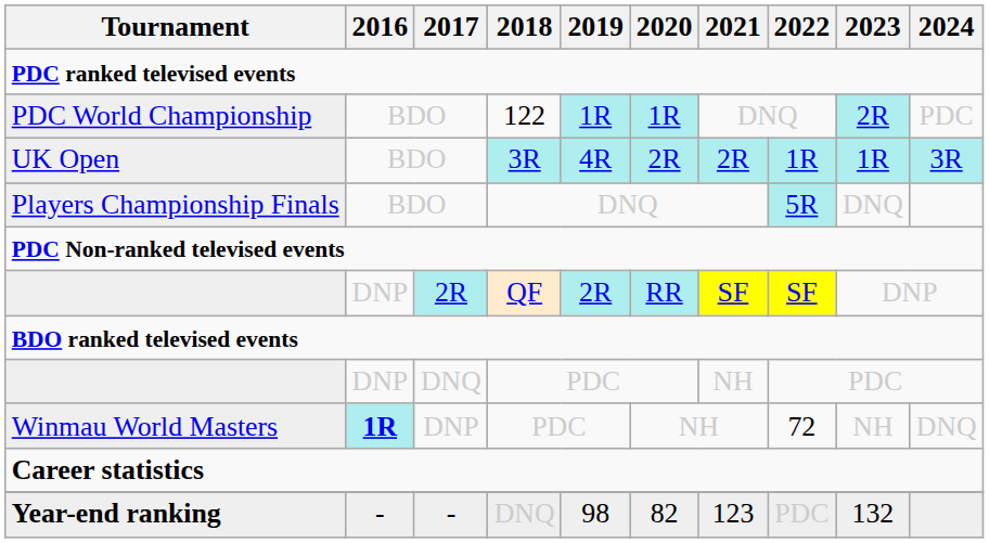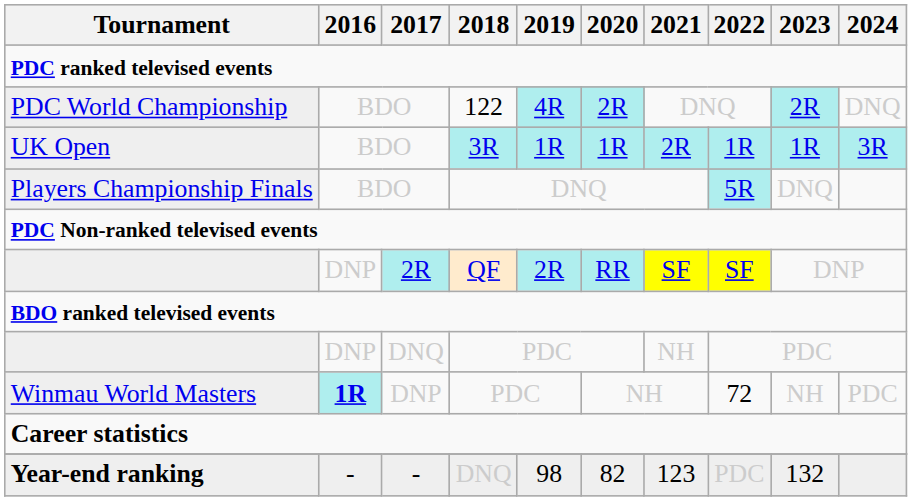 <table class="wikitable">
 <tr>
 <th>Tournament</th>
 <th>2016</th>
 <th>2017</th>
 <th>2018</th>
 <th>2019</th>
 <th>2020</th>
 <th>2021</th>
 <th>2022</th>
 <th>2023</th>
 <th>2024</th>
 </tr>
 <tr>
 <td colspan="15" align="left"><small><strong><a href='#'>PDC</a> ranked televised events</strong></small></td>
 </tr>
 <tr>
 <td style="background:#efefef;"><a href='#'>PDC World Championship</a></td>
 <td colspan="2" style="text-align:center; color:#ccc;">BDO</td>
 <td style="text-align:center;">122</td>
-<td style="text-align:center; background:#afeeee;"><a href='#'>1R</a></td>
-<td style="text-align:center; background:#afeeee;"><a href='#'>1R</a></td>
+<td style="text-align:center; background:#afeeee;"><a href='#'>4R</a></td>
+<td style="text-align:center; background:#afeeee;"><a href='#'>2R</a></td>
 <td colspan="2" style="text-align:center; color:#ccc;">DNQ</td>
 <td style="text-align:center; background:#afeeee;"><a href='#'>2R</a></td>
-<td style="text-align:center; color:#ccc;">PDC</td>
+<td colspan="1" style="text-align:center; color:#ccc;">DNQ</td>
 </tr>
 <tr>
 <td style="background:#efefef;"><a href='#'>UK Open</a></td>
 <td colspan="2" style="text-align:center; color:#ccc;">BDO</td>
 <td style="text-align:center; background:#afeeee;"><a href='#'>3R</a></td>
-<td style="text-align:center; background:#afeeee;"><a href='#'>4R</a></td>
-<td style="text-align:center; background:#afeeee;"><a href='#'>2R</a></td>
+<td style="text-align:center; background:#afeeee;"><a href='#'>1R</a></td>
+<td style="text-align:center; background:#afeeee;"><a href='#'>1R</a></td>
 <td style="text-align:center; background:#afeeee;"><a href='#'>2R</a></td>
 <td style="text-align:center; background:#afeeee;"><a href='#'>1R</a></td>
 <td style="text-align:center; background:#afeeee;"><a href='#'>1R</a></td>
 <td style="text-align:center; background:#afeeee;"><a href='#'>3R</a></td>
 </tr>
 <tr>
 <td style="background:#efefef;"><a href='#'>Players Championship Finals</a></td>
 <td colspan="2" style="text-align:center; color:#ccc;">BDO</td>
 <td colspan="4" style="text-align:center; color:#ccc;">DNQ</td>
 <td style="text-align:center; background:#afeeee;"><a href='#'>5R</a></td>
 <td style="text-align:center; color:#ccc;">DNQ</td>
 <td></td>
 </tr>
 <tr>
 <td colspan="10" align="left"><small><strong><a href='#'>PDC</a> Non-ranked televised events</strong></small></td>
 </tr>
 <tr>
 <td style="background:#efefef;"></td>
 <td style="text-align:center; color:#ccc;">DNP</td>
 <td style="text-align:center; background:#afeeee;"><a href='#'>2R</a></td>
 <td style="text-align:center; background:#ffebcd;"><a href='#'>QF</a></td>
 <td style="text-align:center; background:#afeeee;"><a href='#'>2R</a></td>
 <td style="text-align:center; background:#afeeee;"><a href='#'>RR</a></td>
 <td style="text-align:center; background:yellow;"><a href='#'>SF</a></td>
 <td style="text-align:center; background:yellow;"><a href='#'>SF</a></td>
 <td colspan="2" style="text-align:center; color:#ccc;">DNP</td>
 </tr>
 <tr>
 <td colspan="15" align="left"><small><strong><a href='#'>BDO</a> ranked televised events</strong></small></td>
 </tr>
 <tr>
 <td style="background:#efefef;"></td>
 <td colspan="1" style="text-align:center; color:#ccc;">DNP</td>
 <td colspan="1" style="text-align:center; color:#ccc;">DNQ</td>
 <td colspan="3" style="text-align:center; color:#ccc;">PDC</td>
 <td colspan="1" style="text-align:center; color:#ccc;">NH</td>
 <td colspan="3" style="text-align:center; color:#ccc;">PDC</td>
 </tr>
 <tr>
 <td style="background:#efefef;"><a href='#'>Winmau World Masters</a></td>
 <td style="text-align:center; background:#afeeee;"><strong><a href='#'>1R</a></strong></td>
 <td colspan="1" style="text-align:center; color:#ccc;">DNP</td>
 <td colspan="2" style="text-align:center; color:#ccc;">PDC</td>
 <td colspan="2" style="text-align:center; color:#ccc;">NH</td>
 <td style="text-align:center;">72</td>
 <td style="text-align:center; color:#ccc;">NH</td>
-<td colspan="1" style="text-align:center; color:#ccc;">DNQ</td>
+<td style="text-align:center; color:#ccc;">PDC</td>
 </tr>
 <tr>
 <td colspan="15" align="left"><strong>Career statistics</strong></td>
 </tr>
 <tr>
 </tr>
 <tr bgcolor="efefef">
 <td align="left"><strong>Year-end ranking</strong></td>
 <td style="text-align:center;">-</td>
 <td style="text-align:center;">-</td>
 <td colspan="1" style="text-align:center; color:#ccc;">DNQ</td>
 <td style="text-align:center;">98</td>
 <td style="text-align:center;">82</td>
 <td style="text-align:center;">123</td>
 <td style="text-align:center; color:#ccc;">PDC</td>
 <td style="text-align:center;">132</td>
 <td></td>
 </tr>
 </table>
